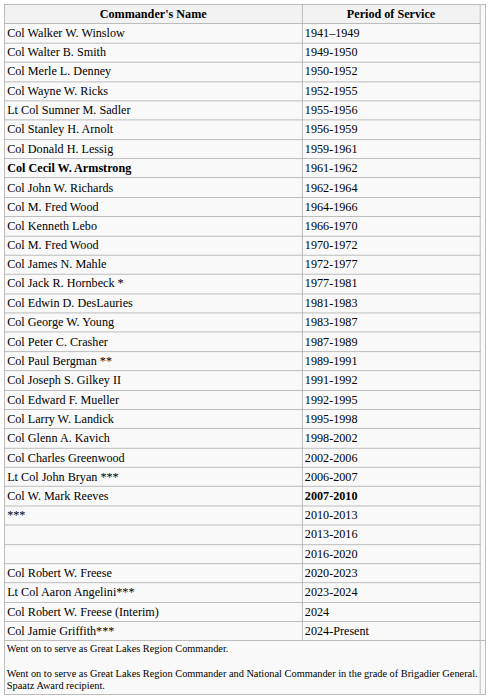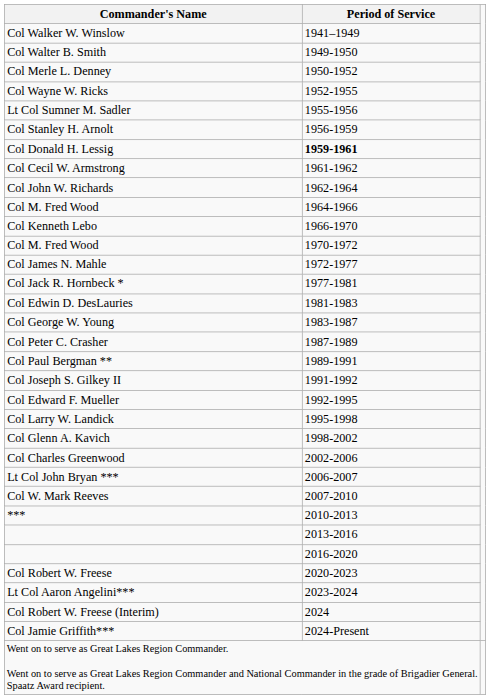 <table class="wikitable">
 <tr>
 <th>Commander's Name</th>
 <th>Period of Service</th>
 </tr>
 <tr>
 <td>Col Walker W. Winslow</td>
 <td>1941–1949</td>
 </tr>
 <tr>
 <td>Col Walter B. Smith</td>
 <td>1949-1950</td>
 </tr>
 <tr>
 <td>Col Merle L. Denney</td>
 <td>1950-1952</td>
 </tr>
 <tr>
 <td>Col Wayne W. Ricks</td>
 <td>1952-1955</td>
 </tr>
 <tr>
 <td>Lt Col Sumner M. Sadler</td>
 <td>1955-1956</td>
 </tr>
 <tr>
 <td>Col Stanley H. Arnolt</td>
 <td>1956-1959</td>
 </tr>
 <tr>
 <td>Col Donald H. Lessig</td>
-<td>1959-1961</td>
+<td><strong>1959-1961</strong></td>
 </tr>
 <tr>
-<td><strong>Col Cecil W. Armstrong</strong></td>
+<td>Col Cecil W. Armstrong</td>
 <td>1961-1962</td>
 </tr>
 <tr>
 <td>Col John W. Richards</td>
 <td>1962-1964</td>
 </tr>
 <tr>
 <td>Col M. Fred Wood</td>
 <td>1964-1966</td>
 </tr>
 <tr>
 <td>Col Kenneth Lebo</td>
 <td>1966-1970</td>
 </tr>
 <tr>
 <td>Col M. Fred Wood</td>
 <td>1970-1972</td>
 </tr>
 <tr>
 <td>Col James N. Mahle</td>
 <td>1972-1977</td>
 </tr>
 <tr>
 <td>Col Jack R. Hornbeck *</td>
 <td>1977-1981</td>
 </tr>
 <tr>
 <td>Col Edwin D. DesLauries</td>
 <td>1981-1983</td>
 </tr>
 <tr>
 <td>Col George W. Young</td>
 <td>1983-1987</td>
 </tr>
 <tr>
 <td>Col Peter C. Crasher</td>
 <td>1987-1989</td>
 </tr>
 <tr>
 <td>Col Paul Bergman **</td>
 <td>1989-1991</td>
 </tr>
 <tr>
 <td>Col Joseph S. Gilkey II</td>
 <td>1991-1992</td>
 </tr>
 <tr>
 <td>Col Edward F. Mueller</td>
 <td>1992-1995</td>
 </tr>
 <tr>
 <td>Col Larry W. Landick</td>
 <td>1995-1998</td>
 </tr>
 <tr>
 <td>Col Glenn A. Kavich</td>
 <td>1998-2002</td>
 </tr>
 <tr>
 <td>Col Charles Greenwood</td>
 <td>2002-2006</td>
 </tr>
 <tr>
 <td>Lt Col John Bryan ***</td>
 <td>2006-2007</td>
 </tr>
 <tr>
 <td>Col W. Mark Reeves</td>
-<td><strong>2007-2010</strong></td>
+<td>2007-2010</td>
 </tr>
 <tr>
 <td> ***</td>
 <td>2010-2013</td>
 </tr>
 <tr>
 <td></td>
 <td>2013-2016</td>
 </tr>
 <tr>
 <td></td>
 <td>2016-2020</td>
 </tr>
 <tr>
 <td>Col Robert W. Freese</td>
 <td>2020-2023</td>
 </tr>
 <tr>
 <td>Lt Col Aaron Angelini***</td>
 <td>2023-2024</td>
 </tr>
 <tr>
 <td>Col Robert W. Freese (Interim)</td>
 <td>2024</td>
 </tr>
 <tr>
 <td>Col Jamie Griffith***</td>
 <td>2024-Present</td>
 </tr>
 <tr>
 <td colspan="2" style="font-size:0.85em">Went on to serve as Great Lakes Region Commander.<br><br>Went on to serve as Great Lakes Region Commander and National Commander in the grade of Brigadier General.<br>Spaatz Award recipient.</td>
 <td></td>
 </tr>
 </table>
